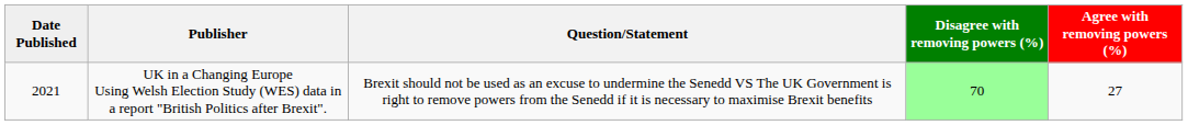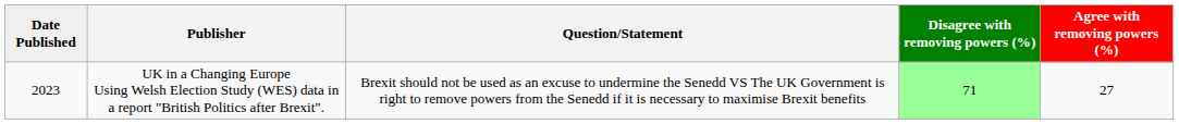 <table class="wikitable" style="text-align:center;font-size:95%;">
 <tr>
 <th style="background:#efefef;">Date Published</th>
 <th>Publisher</th>
 <th>Question/Statement</th>
 <th style="background:green; color:white;">Disagree with removing powers (%)</th>
 <th style="background:red; color:white;">Agree with removing powers (%)</th>
 </tr>
 <tr>
-<td>2021</td>
+<td>2023</td>
 <td>UK in a Changing Europe<br>Using Welsh Election Study (WES) data in a report  "British Politics after Brexit".</td>
 <td>Brexit should not be used as an excuse to undermine the Senedd VS The UK Government is right to remove powers from the Senedd if it is necessary to maximise Brexit benefits</td>
-<td style="background: rgb(153, 255, 153);">70</td>
+<td style="background: rgb(153, 255, 153);">71</td>
 <td>27</td>
 </tr>
 </table>
